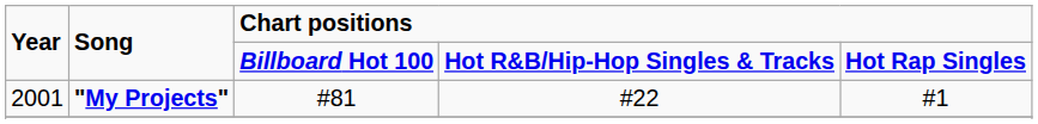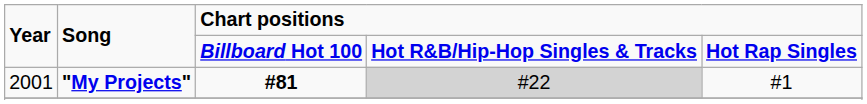 <table class="wikitable">
 <tr>
 <td rowspan="2"><strong>Year</strong></td>
 <td rowspan="2"><strong>Song</strong></td>
 <td colspan="4"><strong>Chart positions</strong></td>
 </tr>
 <tr>
 <td><strong><a href='#'><em>Billboard</em> Hot 100</a></strong></td>
 <td><strong><a href='#'>Hot R&B/Hip-Hop Singles & Tracks</a></strong></td>
 <td><strong><a href='#'>Hot Rap Singles</a></strong></td>
 </tr>
 <tr>
 <td>2001</td>
 <td><strong>"<a href='#'>My Projects</a>"</strong></td>
-<td align="center">#81</td>
-<td align="center">#22</td>
+<td align="center"><strong>#81</strong></td>
+<td align="center" style="background: lightgrey;">#22</td>
 <td align="center">#1</td>
 </tr>
 <tr>
 </tr>
 <tr>
 </tr>
 </table>
